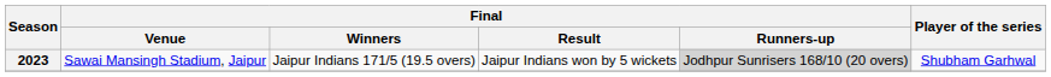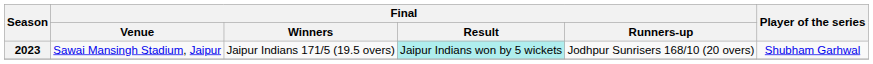 <table class="wikitable sortable" style="text-align:center">
 <tr>
 <th rowspan=2>Season</th>
 <th colspan=4>Final</th>
 <th rowspan=2>Player of the series</th>
 </tr>
 <tr>
 <th>Venue</th>
 <th>Winners</th>
 <th>Result</th>
 <th>Runners-up</th>
 </tr>
 <tr>
 <th>2023</th>
 <td><a href='#'>Sawai Mansingh Stadium</a>, <a href='#'>Jaipur</a></td>
 <td>Jaipur Indians 171/5 (19.5 overs)</td>
-<td>Jaipur Indians won by 5 wickets<br></td>
-<td style="background: lightgrey;">Jodhpur Sunrisers 168/10 (20 overs)</td>
+<td style="background: paleturquoise;">Jaipur Indians won by 5 wickets<br></td>
+<td>Jodhpur Sunrisers 168/10 (20 overs)</td>
 <td><a href='#'>Shubham Garhwal</a></td>
 </tr>
 <tr>
 </tr>
 </table>
